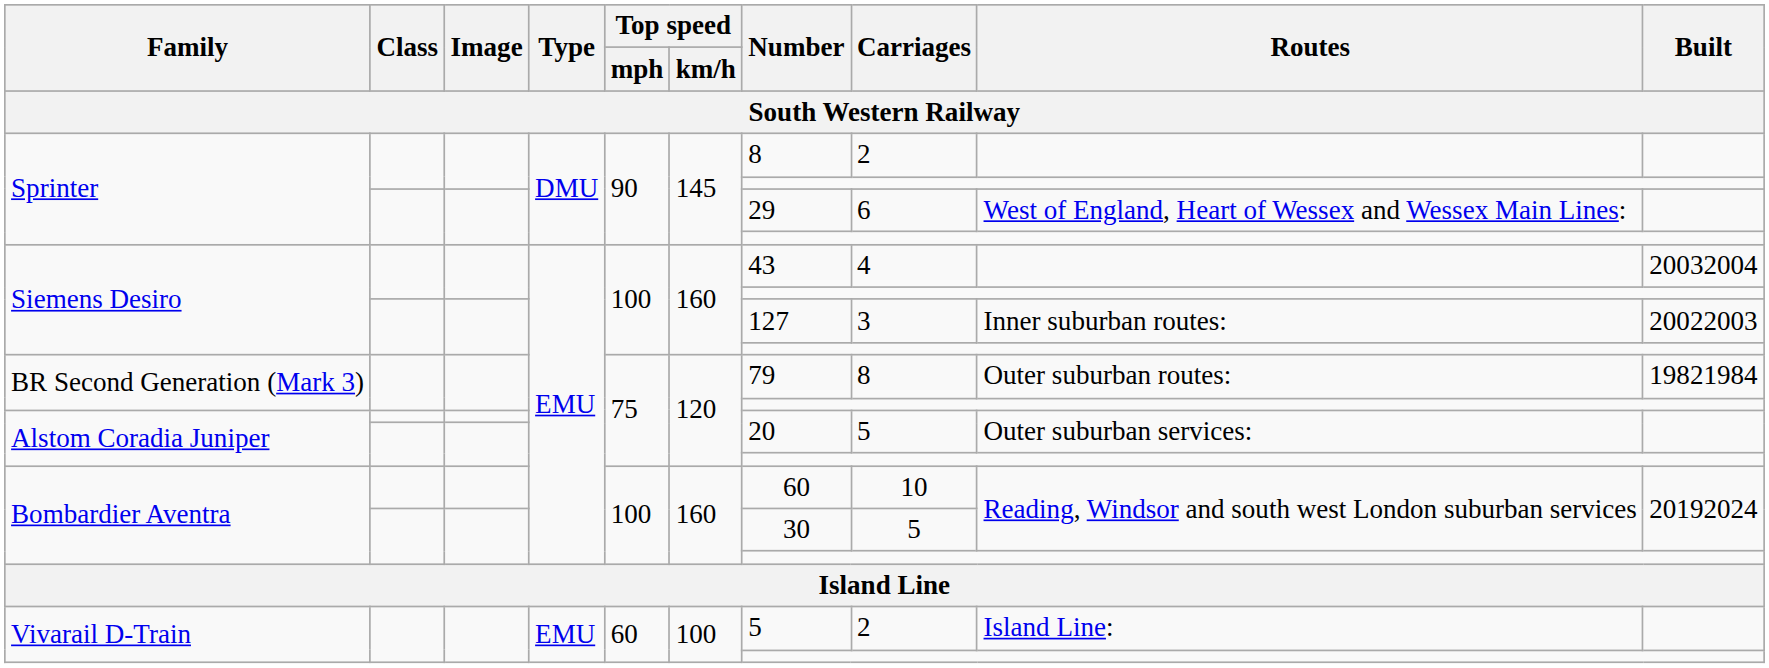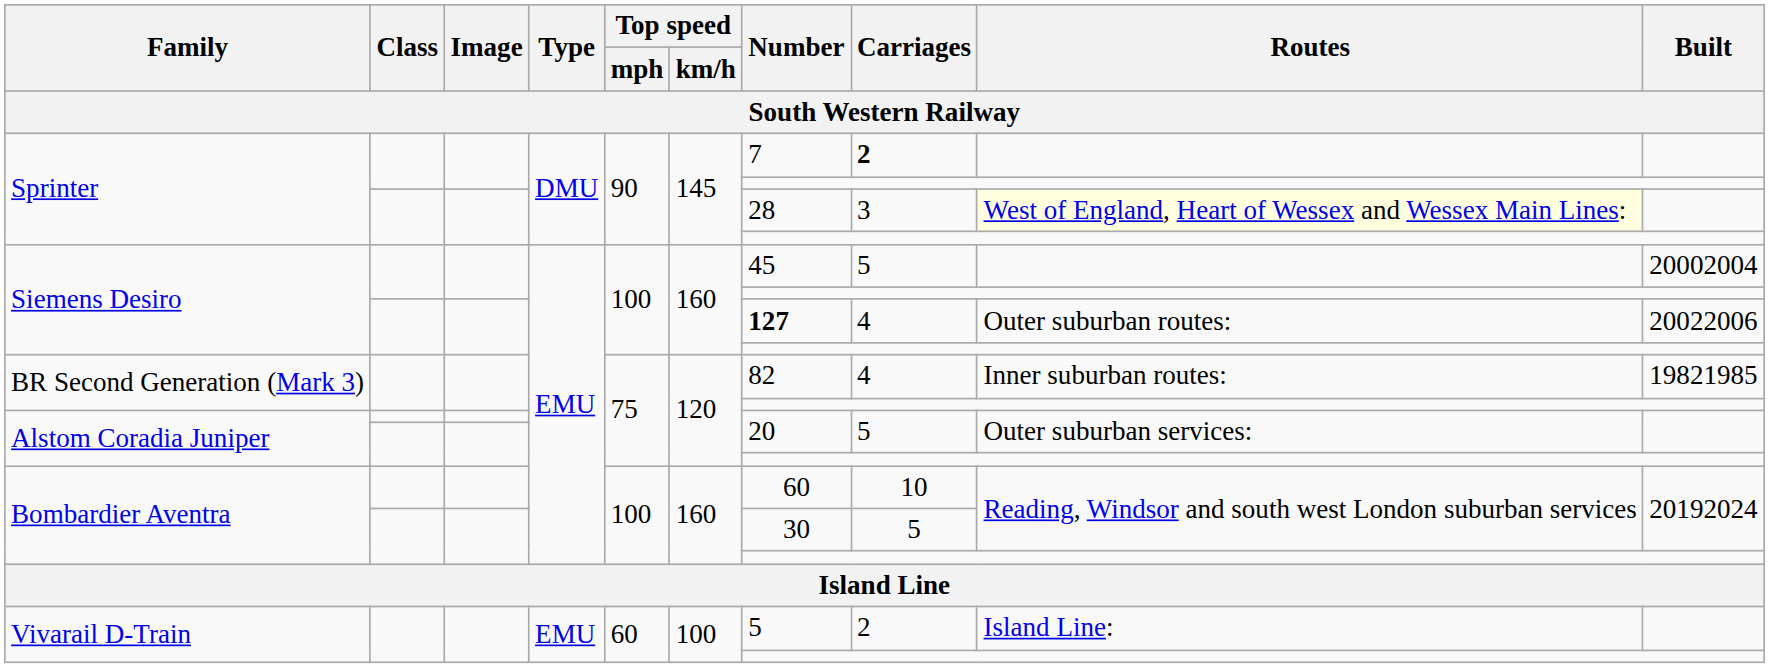 <table class="wikitable defaultcenter col1left col2left col9left">
 <tr>
 <th rowspan="2">Family</th>
 <th rowspan="2">Class</th>
 <th rowspan="2">Image</th>
 <th rowspan="2">Type</th>
 <th colspan="2">Top speed</th>
 <th rowspan="2">Number</th>
 <th rowspan="2">Carriages</th>
 <th rowspan="2">Routes</th>
 <th rowspan="2">Built</th>
 </tr>
 <tr>
 <th>mph</th>
 <th>km/h</th>
 </tr>
 <tr>
 <th colspan="10">South Western Railway</th>
 </tr>
 <tr>
 <td rowspan="4"><a href='#'>Sprinter</a></td>
 <td rowspan="2"></td>
 <td rowspan="2"></td>
 <td rowspan="4"><a href='#'>DMU</a></td>
 <td rowspan="4">90</td>
 <td rowspan="4">145</td>
-<td>8</td>
-<td>2</td>
+<td>7</td>
+<td><strong>2</strong></td>
 <td></td>
 <td></td>
 </tr>
 <tr>
 <td colspan="4"> </td>
 </tr>
 <tr>
 <td rowspan="2"></td>
 <td rowspan="2"></td>
-<td>29</td>
-<td>6</td>
-<td style="text-align:left"><a href='#'>West of England</a>, <a href='#'>Heart of Wessex</a> and <a href='#'>Wessex Main Lines</a>:</td>
+<td>28</td>
+<td>3</td>
+<td style="background: lightyellow; text-align:left"><a href='#'>West of England</a>, <a href='#'>Heart of Wessex</a> and <a href='#'>Wessex Main Lines</a>:</td>
 <td></td>
 </tr>
 <tr>
 <td colspan="4"> </td>
 </tr>
 <tr>
 <td rowspan="4"><a href='#'>Siemens Desiro</a></td>
 <td rowspan="2"></td>
 <td rowspan="2"></td>
 <td rowspan="12"><a href='#'>EMU</a></td>
 <td rowspan="4">100</td>
 <td rowspan="4">160</td>
-<td>43</td>
-<td>4</td>
+<td>45</td>
+<td>5</td>
 <td></td>
-<td>20032004</td>
+<td>20002004</td>
 </tr>
 <tr>
 <td colspan="4"></td>
 </tr>
 <tr>
 <td rowspan="2"></td>
 <td rowspan="2"></td>
-<td>127</td>
-<td>3</td>
-<td style="text-align:left">Inner suburban routes:</td>
-<td>20022003</td>
+<td><strong>127</strong></td>
+<td>4</td>
+<td style="text-align:left">Outer suburban routes:</td>
+<td>20022006</td>
 </tr>
 <tr>
 <td colspan="4"></td>
 </tr>
 <tr>
 <td rowspan="2">BR Second Generation (<a href='#'>Mark 3</a>)</td>
 <td rowspan="2"></td>
 <td rowspan="2"></td>
 <td rowspan="5">75</td>
 <td rowspan="5">120</td>
-<td>79</td>
-<td>8</td>
-<td style="text-align:left">Outer suburban routes:</td>
-<td>19821984</td>
+<td>82</td>
+<td>4</td>
+<td style="text-align:left">Inner suburban routes:</td>
+<td>19821985</td>
 </tr>
 <tr>
 <td colspan="4"></td>
 </tr>
 <tr>
 <td rowspan="3"><a href='#'>Alstom Coradia Juniper</a></td>
 <td></td>
 <td></td>
 <td rowspan="2">20</td>
 <td rowspan="2">5</td>
 <td rowspan="2" style="text-align:left">Outer suburban services:</td>
 <td rowspan="2"></td>
 </tr>
 <tr>
 <td rowspan="2"></td>
 <td rowspan="2"></td>
 </tr>
 <tr>
 <td colspan="4"></td>
 </tr>
 <tr>
 <td rowspan="3"><a href='#'>Bombardier Aventra</a></td>
 <td rowspan="1"></td>
 <td rowspan="1"></td>
 <td rowspan="3">100</td>
 <td rowspan="3">160</td>
 <td style="text-align:center">60</td>
 <td style="text-align:center">10</td>
 <td rowspan="2" style="text-align:left"><a href='#'>Reading</a>, <a href='#'>Windsor</a> and south west London suburban services</td>
 <td rowspan="2" style="text-align:left">20192024</td>
 </tr>
 <tr>
 <td rowspan="2"></td>
 <td rowspan="2"></td>
 <td style="text-align:center">30</td>
 <td style="text-align:center">5</td>
 </tr>
 <tr>
 <td colspan="4"></td>
 </tr>
 <tr>
 <th colspan="10">Island Line</th>
 </tr>
 <tr>
 <td rowspan="2"><a href='#'>Vivarail D-Train</a></td>
 <td rowspan="2"></td>
 <td rowspan="2"></td>
 <td rowspan="2"><a href='#'>EMU</a></td>
 <td rowspan="2">60</td>
 <td rowspan="2">100</td>
 <td>5</td>
 <td>2</td>
 <td><a href='#'>Island Line</a>:   </td>
 <td></td>
 </tr>
 <tr>
 <td colspan="4"></td>
 </tr>
 </table>
